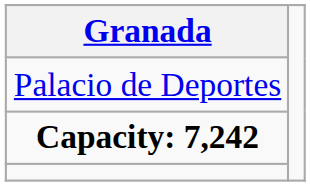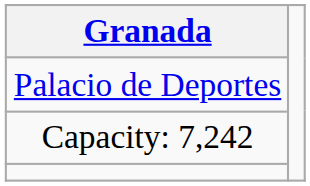 <table class="wikitable" style="margin:1em auto; text-align:center">
 <tr>
 <th><a href='#'>Granada</a></th>
 <td rowspan=4></td>
 </tr>
 <tr>
 <td><a href='#'>Palacio de Deportes</a></td>
 </tr>
 <tr>
-<td><strong>Capacity: 7,242</strong></td>
+<td>Capacity: 7,242</td>
 </tr>
 <tr>
 <td></td>
 </tr>
 </table>
